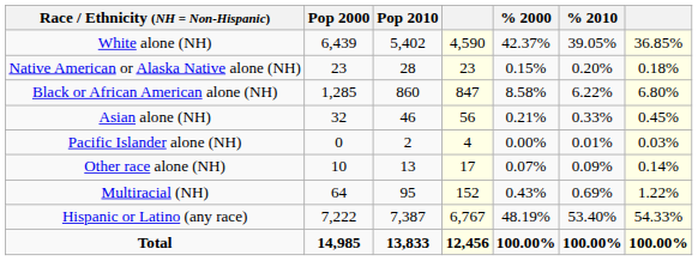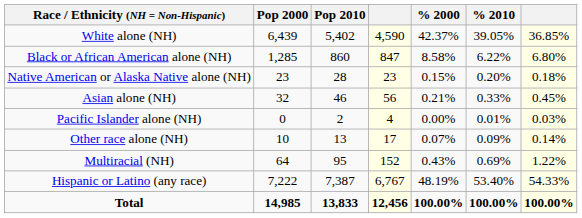 <table class="wikitable" style="text-align:center;">
 <tr>
 <th>Race / Ethnicity <small>(<em>NH = Non-Hispanic</em>)</small></th>
 <th>Pop 2000</th>
 <th>Pop 2010</th>
 <th></th>
 <th>% 2000</th>
 <th>% 2010</th>
 <th></th>
 </tr>
 <tr>
 <td><a href='#'>White</a> alone (NH)</td>
 <td>6,439</td>
 <td>5,402</td>
 <td style='background: #ffffe6;'>4,590</td>
 <td>42.37%</td>
 <td>39.05%</td>
 <td style='background: #ffffe6;'>36.85%</td>
 </tr>
 <tr>
+<td><a href='#'>Black or African American</a> alone (NH)</td>
+<td>1,285</td>
+<td>860</td>
+<td style='background: #ffffe6;'>847</td>
+<td>8.58%</td>
+<td>6.22%</td>
+<td style='background: #ffffe6;'>6.80%</td>
+</tr>
+<tr>
 <td><a href='#'>Native American</a> or <a href='#'>Alaska Native</a> alone (NH)</td>
 <td>23</td>
 <td>28</td>
 <td style='background: #ffffe6;'>23</td>
 <td>0.15%</td>
 <td>0.20%</td>
 <td style='background: #ffffe6;'>0.18%</td>
-</tr>
-<tr>
-<td><a href='#'>Black or African American</a> alone (NH)</td>
-<td>1,285</td>
-<td>860</td>
-<td style='background: #ffffe6;'>847</td>
-<td>8.58%</td>
-<td>6.22%</td>
-<td style='background: #ffffe6;'>6.80%</td>
 </tr>
 <tr>
 <td><a href='#'>Asian</a> alone (NH)</td>
 <td>32</td>
 <td>46</td>
 <td style='background: #ffffe6;'>56</td>
 <td>0.21%</td>
 <td>0.33%</td>
 <td style='background: #ffffe6;'>0.45%</td>
 </tr>
 <tr>
 <td><a href='#'>Pacific Islander</a> alone (NH)</td>
 <td>0</td>
 <td>2</td>
 <td style='background: #ffffe6;'>4</td>
 <td>0.00%</td>
 <td>0.01%</td>
 <td style='background: #ffffe6;'>0.03%</td>
 </tr>
 <tr>
 <td><a href='#'>Other race</a> alone (NH)</td>
 <td>10</td>
 <td>13</td>
 <td style='background: #ffffe6;'>17</td>
 <td>0.07%</td>
 <td>0.09%</td>
 <td style='background: #ffffe6;'>0.14%</td>
 </tr>
 <tr>
 <td><a href='#'>Multiracial</a> (NH)</td>
 <td>64</td>
 <td>95</td>
 <td style='background: #ffffe6;'>152</td>
 <td>0.43%</td>
 <td>0.69%</td>
 <td style='background: #ffffe6;'>1.22%</td>
 </tr>
 <tr>
 <td><a href='#'>Hispanic or Latino</a> (any race)</td>
 <td>7,222</td>
 <td>7,387</td>
 <td style='background: #ffffe6;'>6,767</td>
 <td>48.19%</td>
 <td>53.40%</td>
 <td style='background: #ffffe6;'>54.33%</td>
 </tr>
 <tr>
 <td><strong>Total</strong></td>
 <td><strong>14,985</strong></td>
 <td><strong>13,833</strong></td>
 <td style='background: #ffffe6;'><strong>12,456</strong></td>
 <td><strong>100.00%</strong></td>
 <td><strong>100.00%</strong></td>
 <td style='background: #ffffe6;'><strong>100.00%</strong></td>
 </tr>
 </table>
